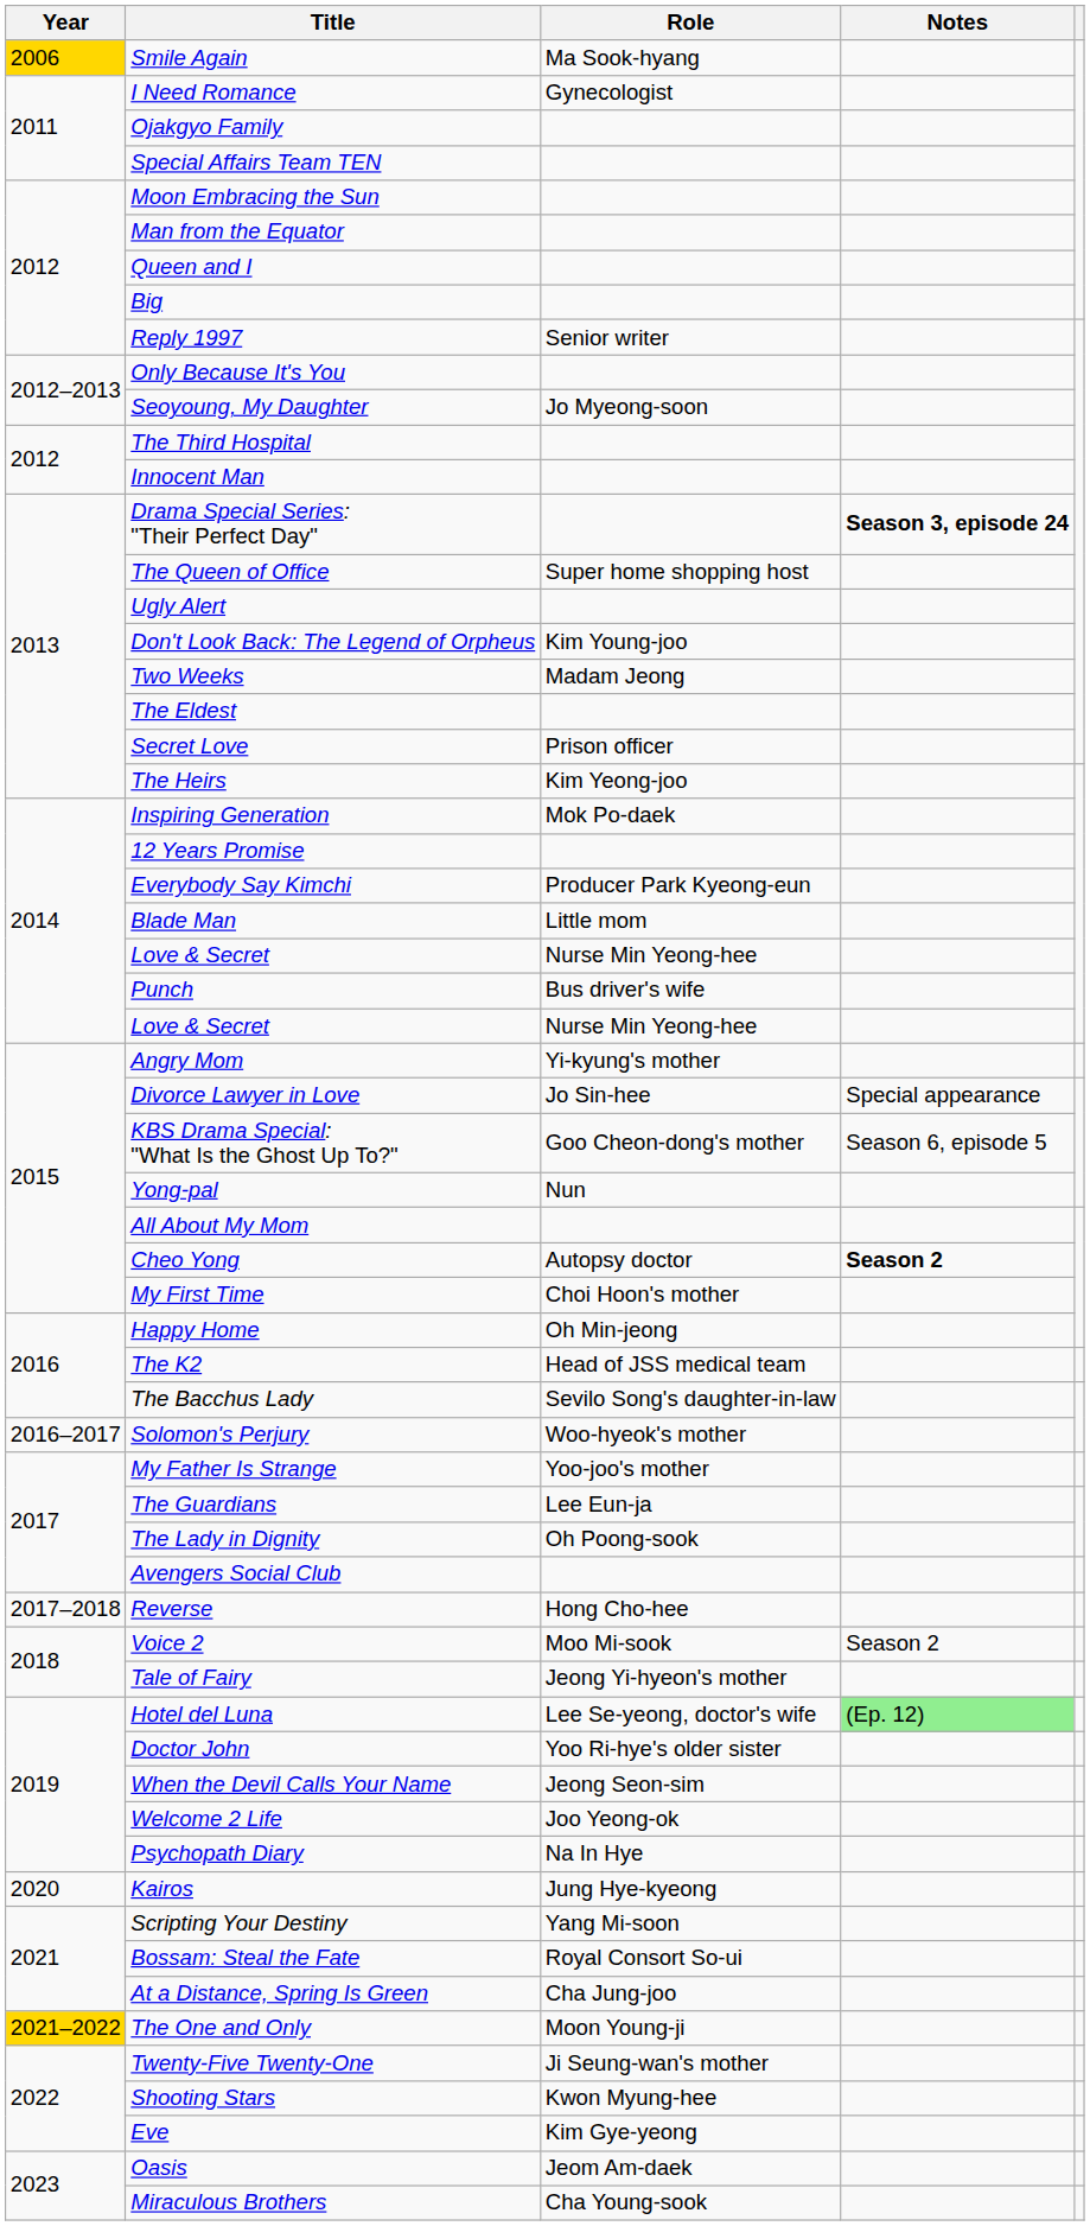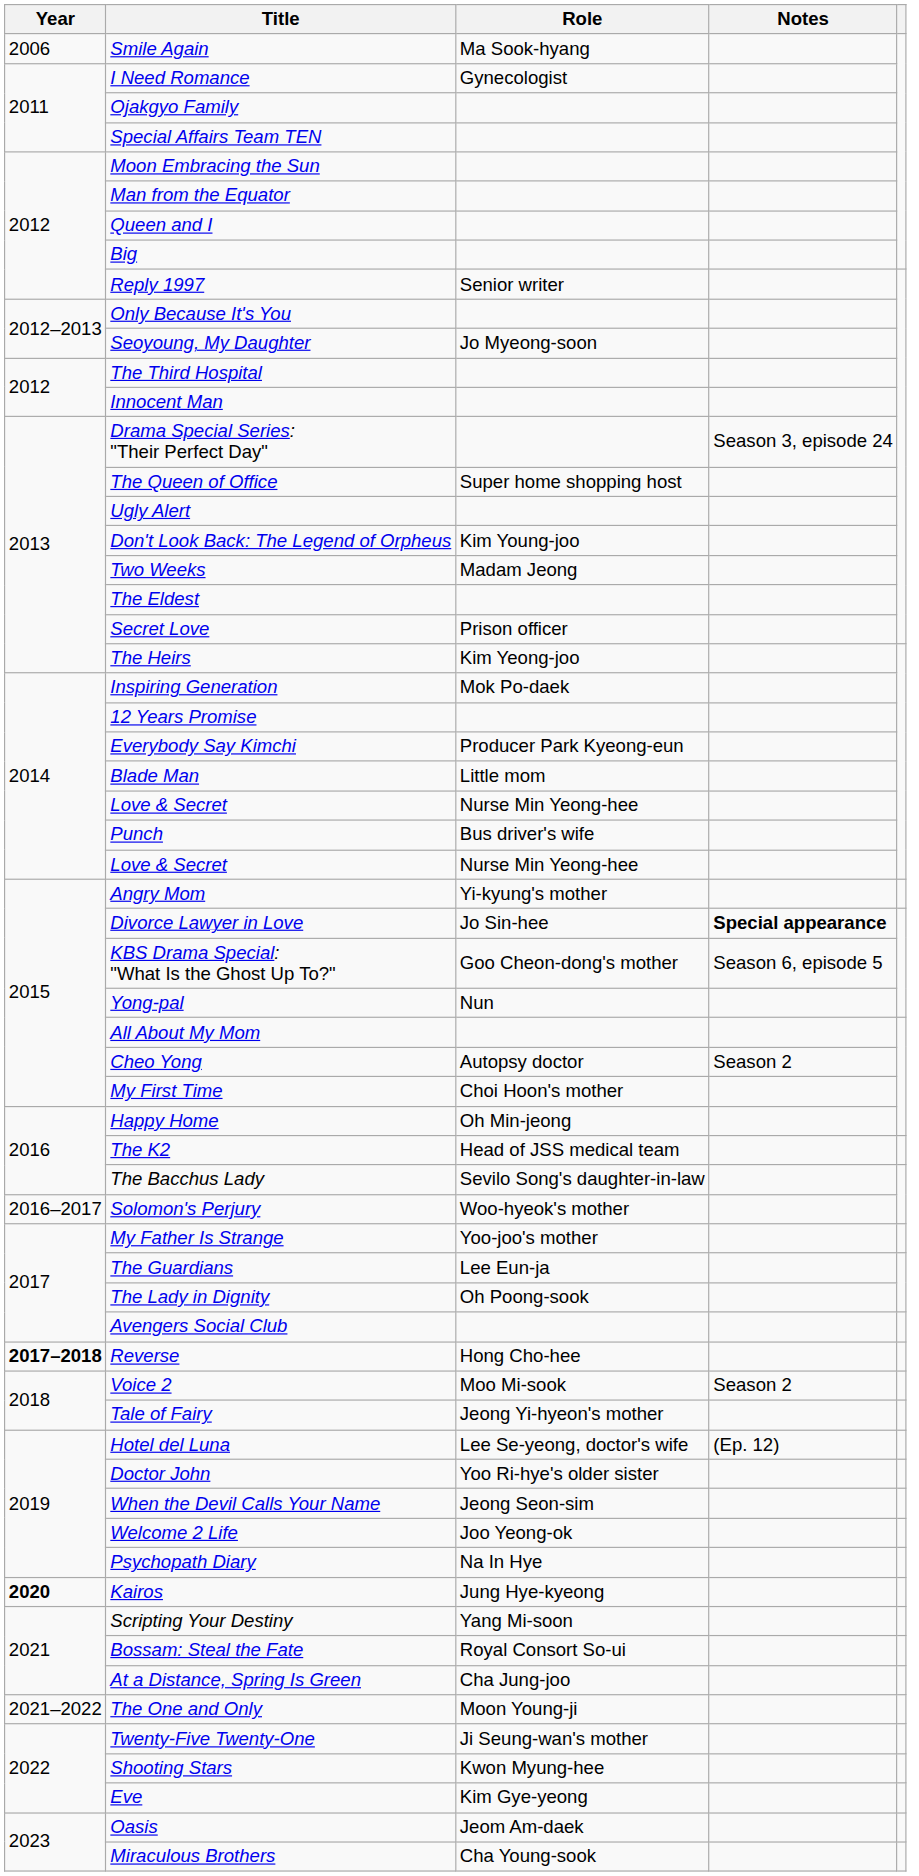 <table class="wikitable sortable">
 <tr>
 <th>Year</th>
 <th>Title</th>
 <th>Role</th>
 <th class="unsortable">Notes</th>
 <th class="unsortable"></th>
 </tr>
 <tr>
-<td style="background: gold;">2006</td>
+<td>2006</td>
 <td><em><a href='#'>Smile Again</a></em></td>
 <td>Ma Sook-hyang</td>
 <td></td>
 <td rowspan=8></td>
 </tr>
 <tr>
 <td rowspan="3">2011</td>
 <td><em><a href='#'>I Need Romance</a></em></td>
 <td>Gynecologist</td>
 <td></td>
 </tr>
 <tr>
 <td><em><a href='#'>Ojakgyo Family</a></em></td>
 <td></td>
 <td></td>
 </tr>
 <tr>
 <td><em><a href='#'>Special Affairs Team TEN</a></em></td>
 <td></td>
 <td></td>
 </tr>
 <tr>
 <td rowspan="5">2012</td>
 <td><em><a href='#'>Moon Embracing the Sun</a></em></td>
 <td></td>
 <td></td>
 </tr>
 <tr>
 <td><em><a href='#'>Man from the Equator</a></em></td>
 <td></td>
 <td></td>
 </tr>
 <tr>
 <td><em><a href='#'>Queen and I</a></em></td>
 <td></td>
 <td></td>
 </tr>
 <tr>
 <td><em><a href='#'>Big</a></em></td>
 <td></td>
 <td></td>
 </tr>
 <tr>
 <td><em><a href='#'>Reply 1997</a></em></td>
 <td>Senior writer</td>
 <td></td>
 <td rowspan=12></td>
 </tr>
 <tr>
 <td rowspan="2">2012–2013</td>
 <td><em><a href='#'>Only Because It's You</a></em></td>
 <td></td>
 <td></td>
 </tr>
 <tr>
 <td><em><a href='#'>Seoyoung, My Daughter</a></em></td>
 <td>Jo Myeong-soon</td>
 <td></td>
 </tr>
 <tr>
 <td rowspan="2">2012</td>
 <td><em><a href='#'>The Third Hospital</a></em></td>
 <td></td>
 <td></td>
 </tr>
 <tr>
 <td><em><a href='#'>Innocent Man</a></em></td>
 <td></td>
 <td></td>
 </tr>
 <tr>
 <td rowspan="8">2013</td>
 <td><em><a href='#'>Drama Special Series</a>:</em><br>"Their Perfect Day"</td>
 <td></td>
-<td><strong>Season 3, episode 24</strong></td>
+<td>Season 3, episode 24</td>
 </tr>
 <tr>
 <td><em><a href='#'>The Queen of Office</a></em></td>
 <td>Super home shopping host</td>
 <td></td>
 </tr>
 <tr>
 <td><em><a href='#'>Ugly Alert</a></em></td>
 <td></td>
 <td></td>
 </tr>
 <tr>
 <td><em><a href='#'>Don't Look Back: The Legend of Orpheus</a></em></td>
 <td>Kim Young-joo</td>
 <td></td>
 </tr>
 <tr>
 <td><em><a href='#'>Two Weeks</a></em></td>
 <td>Madam Jeong</td>
 <td></td>
 </tr>
 <tr>
 <td><em><a href='#'>The Eldest</a></em></td>
 <td></td>
 <td></td>
 </tr>
 <tr>
 <td><em><a href='#'>Secret Love</a></em></td>
 <td>Prison officer</td>
 <td></td>
 </tr>
 <tr>
 <td><em><a href='#'>The Heirs</a></em></td>
 <td>Kim Yeong-joo</td>
 <td></td>
 <td rowspan=8></td>
 </tr>
 <tr>
 <td rowspan="7">2014</td>
 <td><em><a href='#'>Inspiring Generation</a></em></td>
 <td>Mok Po-daek</td>
 <td></td>
 </tr>
 <tr>
 <td><em><a href='#'>12 Years Promise</a></em></td>
 <td></td>
 <td></td>
 </tr>
 <tr>
 <td><em><a href='#'>Everybody Say Kimchi</a></em></td>
 <td>Producer Park Kyeong-eun</td>
 <td></td>
 </tr>
 <tr>
 <td><em><a href='#'>Blade Man</a></em></td>
 <td>Little mom</td>
 <td></td>
 </tr>
 <tr>
 <td><em><a href='#'>Love & Secret</a></em></td>
 <td>Nurse Min Yeong-hee</td>
 <td></td>
 </tr>
 <tr>
 <td><em><a href='#'>Punch</a></em></td>
 <td>Bus driver's wife</td>
 <td></td>
 </tr>
 <tr>
 <td><em><a href='#'>Love & Secret</a></em></td>
 <td>Nurse Min Yeong-hee</td>
 <td></td>
 </tr>
 <tr>
 <td rowspan="7">2015</td>
 <td><em><a href='#'>Angry Mom</a></em></td>
 <td>Yi-kyung's mother</td>
 <td></td>
 <td></td>
 </tr>
 <tr>
 <td><em><a href='#'>Divorce Lawyer in Love</a></em></td>
 <td>Jo Sin-hee</td>
-<td>Special appearance</td>
+<td><strong>Special appearance</strong></td>
 <td rowspan=3></td>
 </tr>
 <tr>
 <td><em><a href='#'>KBS Drama Special</a>:</em><br>"What Is the Ghost Up To?"</td>
 <td>Goo Cheon-dong's mother</td>
 <td>Season 6, episode 5</td>
 </tr>
 <tr>
 <td><em><a href='#'>Yong-pal</a></em></td>
 <td>Nun</td>
 <td></td>
 </tr>
 <tr>
 <td><em><a href='#'>All About My Mom</a></em></td>
 <td></td>
 <td></td>
 <td rowspan=4></td>
 </tr>
 <tr>
 <td><em><a href='#'>Cheo Yong</a></em></td>
 <td>Autopsy doctor</td>
-<td><strong>Season 2</strong></td>
+<td>Season 2</td>
 </tr>
 <tr>
 <td><em><a href='#'>My First Time</a></em></td>
 <td>Choi Hoon's mother</td>
 <td></td>
 </tr>
 <tr>
 <td rowspan="3">2016</td>
 <td><em><a href='#'>Happy Home</a></em></td>
 <td>Oh Min-jeong</td>
 <td></td>
 </tr>
 <tr>
 <td><em><a href='#'>The K2</a></em></td>
 <td>Head of JSS medical team</td>
 <td></td>
 <td></td>
 </tr>
 <tr>
 <td><em>The Bacchus Lady</em></td>
 <td>Sevilo Song's daughter-in-law</td>
 <td></td>
 <td rowspan=2></td>
 </tr>
 <tr>
 <td>2016–2017</td>
 <td><em><a href='#'>Solomon's Perjury</a></em></td>
 <td>Woo-hyeok's mother</td>
 <td></td>
 </tr>
 <tr>
 <td rowspan="4">2017</td>
 <td><em><a href='#'>My Father Is Strange</a></em></td>
 <td>Yoo-joo's mother</td>
 <td></td>
 <td></td>
 </tr>
 <tr>
 <td><em><a href='#'>The Guardians</a></em></td>
 <td>Lee Eun-ja</td>
 <td></td>
 <td rowspan=2></td>
 </tr>
 <tr>
 <td><em><a href='#'>The Lady in Dignity</a></em></td>
 <td>Oh Poong-sook</td>
 <td></td>
 </tr>
 <tr>
 <td><em><a href='#'>Avengers Social Club</a></em></td>
 <td></td>
 <td></td>
 <td></td>
 </tr>
 <tr>
-<td>2017–2018</td>
+<td><strong>2017–2018</strong></td>
 <td><em><a href='#'>Reverse</a></em></td>
 <td>Hong Cho-hee</td>
 <td></td>
 <td></td>
 </tr>
 <tr>
 <td rowspan="2">2018</td>
 <td><em><a href='#'>Voice 2</a></em></td>
 <td>Moo Mi-sook</td>
 <td>Season 2</td>
 <td></td>
 </tr>
 <tr>
 <td><em><a href='#'>Tale of Fairy</a></em></td>
 <td>Jeong Yi-hyeon's mother</td>
 <td></td>
 <td></td>
 </tr>
 <tr>
 <td rowspan="5">2019</td>
 <td><em><a href='#'>Hotel del Luna</a></em></td>
 <td>Lee Se-yeong, doctor's wife</td>
-<td style="background: lightgreen;">(Ep. 12)</td>
+<td>(Ep. 12)</td>
 <td></td>
 </tr>
 <tr>
 <td><em><a href='#'>Doctor John</a></em></td>
 <td>Yoo Ri-hye's older sister</td>
 <td></td>
 <td></td>
 </tr>
 <tr>
 <td><em><a href='#'>When the Devil Calls Your Name</a></em></td>
 <td>Jeong Seon-sim</td>
 <td></td>
 <td></td>
 </tr>
 <tr>
 <td><em><a href='#'>Welcome 2 Life</a></em></td>
 <td>Joo Yeong-ok</td>
 <td></td>
 <td></td>
 </tr>
 <tr>
 <td><em><a href='#'>Psychopath Diary</a></em></td>
 <td>Na In Hye</td>
 <td></td>
 <td></td>
 </tr>
 <tr>
-<td>2020</td>
+<td><strong>2020</strong></td>
 <td><em><a href='#'>Kairos</a></em></td>
 <td>Jung Hye-kyeong</td>
 <td></td>
 <td></td>
 </tr>
 <tr>
 <td rowspan="3">2021</td>
 <td><em>Scripting Your Destiny</em></td>
 <td>Yang Mi-soon</td>
 <td></td>
 <td></td>
 </tr>
 <tr>
 <td><em><a href='#'>Bossam: Steal the Fate</a></em></td>
 <td>Royal Consort So-ui</td>
 <td></td>
 <td></td>
 </tr>
 <tr>
 <td><em><a href='#'>At a Distance, Spring Is Green</a></em></td>
 <td>Cha Jung-joo</td>
 <td></td>
 <td></td>
 </tr>
 <tr>
-<td style="background: gold;">2021–2022</td>
+<td>2021–2022</td>
 <td><em><a href='#'>The One and Only</a></em></td>
 <td>Moon Young-ji</td>
 <td></td>
 <td></td>
 </tr>
 <tr>
 <td rowspan="3">2022</td>
 <td><em><a href='#'>Twenty-Five Twenty-One</a></em></td>
 <td>Ji Seung-wan's mother</td>
 <td></td>
 <td></td>
 </tr>
 <tr>
 <td><em><a href='#'>Shooting Stars</a></em></td>
 <td>Kwon Myung-hee</td>
 <td></td>
 <td></td>
 </tr>
 <tr>
 <td><em><a href='#'>Eve</a></em></td>
 <td>Kim Gye-yeong</td>
 <td></td>
 <td></td>
 </tr>
 <tr>
 <td rowspan="2">2023</td>
 <td><em><a href='#'>Oasis</a></em></td>
 <td>Jeom Am-daek</td>
 <td></td>
 <td></td>
 </tr>
 <tr>
 <td><em><a href='#'>Miraculous Brothers</a></em></td>
 <td>Cha Young-sook</td>
 <td></td>
 <td></td>
 </tr>
 </table>
